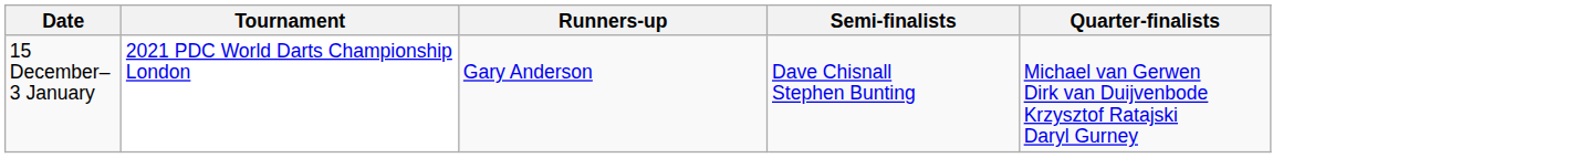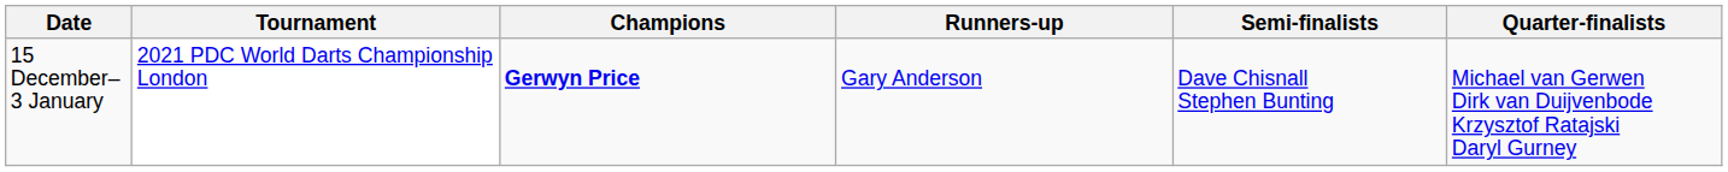 <table class=wikitable style=font-size:85%>
 <tr>
 <th width=75>Date</th>
 <th width=230>Tournament</th>
+<th width=210>Champions</th>
 <th width=210>Runners-up</th>
 <th width=170>Semi-finalists</th>
 <th width=170>Quarter-finalists</th>
 </tr>
 <tr valign="top">
 <td>15 December–3 January</td>
 <td bgcolor="#ffffff"><a href='#'>2021 PDC World Darts Championship</a><br> <a href='#'>London</a></td>
+<td><br> <strong><a href='#'>Gerwyn Price</a></strong></td>
 <td><br> <a href='#'>Gary Anderson</a></td>
 <td><br> <a href='#'>Dave Chisnall</a> <br>  <a href='#'>Stephen Bunting</a></td>
 <td><br> <a href='#'>Michael van Gerwen</a> <br>  <a href='#'>Dirk van Duijvenbode</a> <br>  <a href='#'>Krzysztof Ratajski</a> <br>  <a href='#'>Daryl Gurney</a></td>
 </tr>
 </table>
